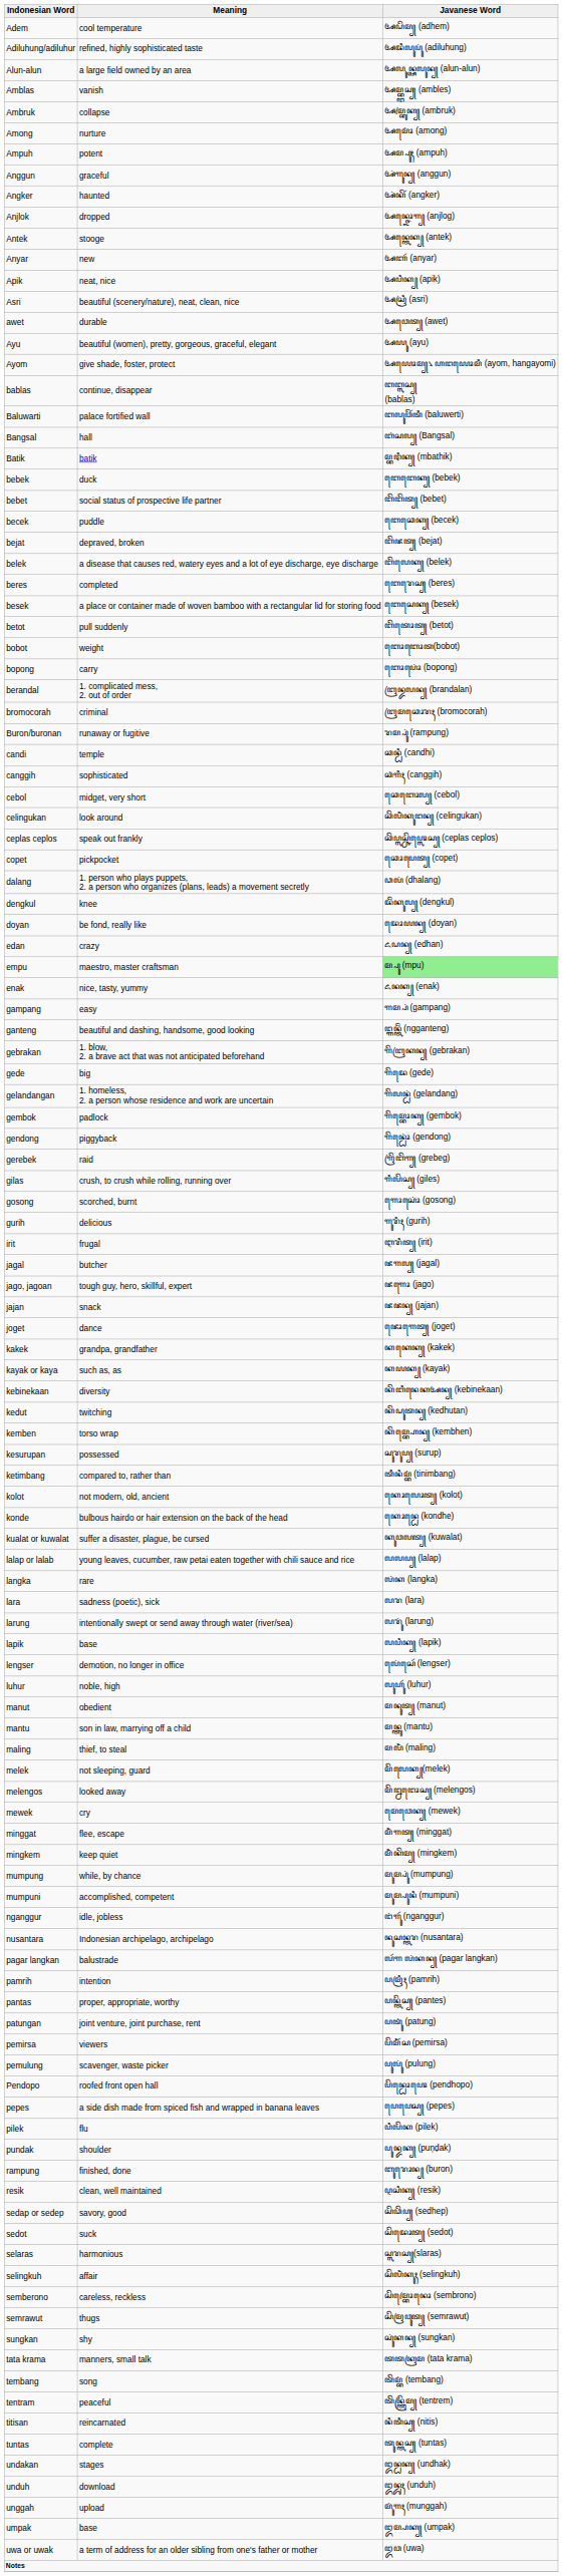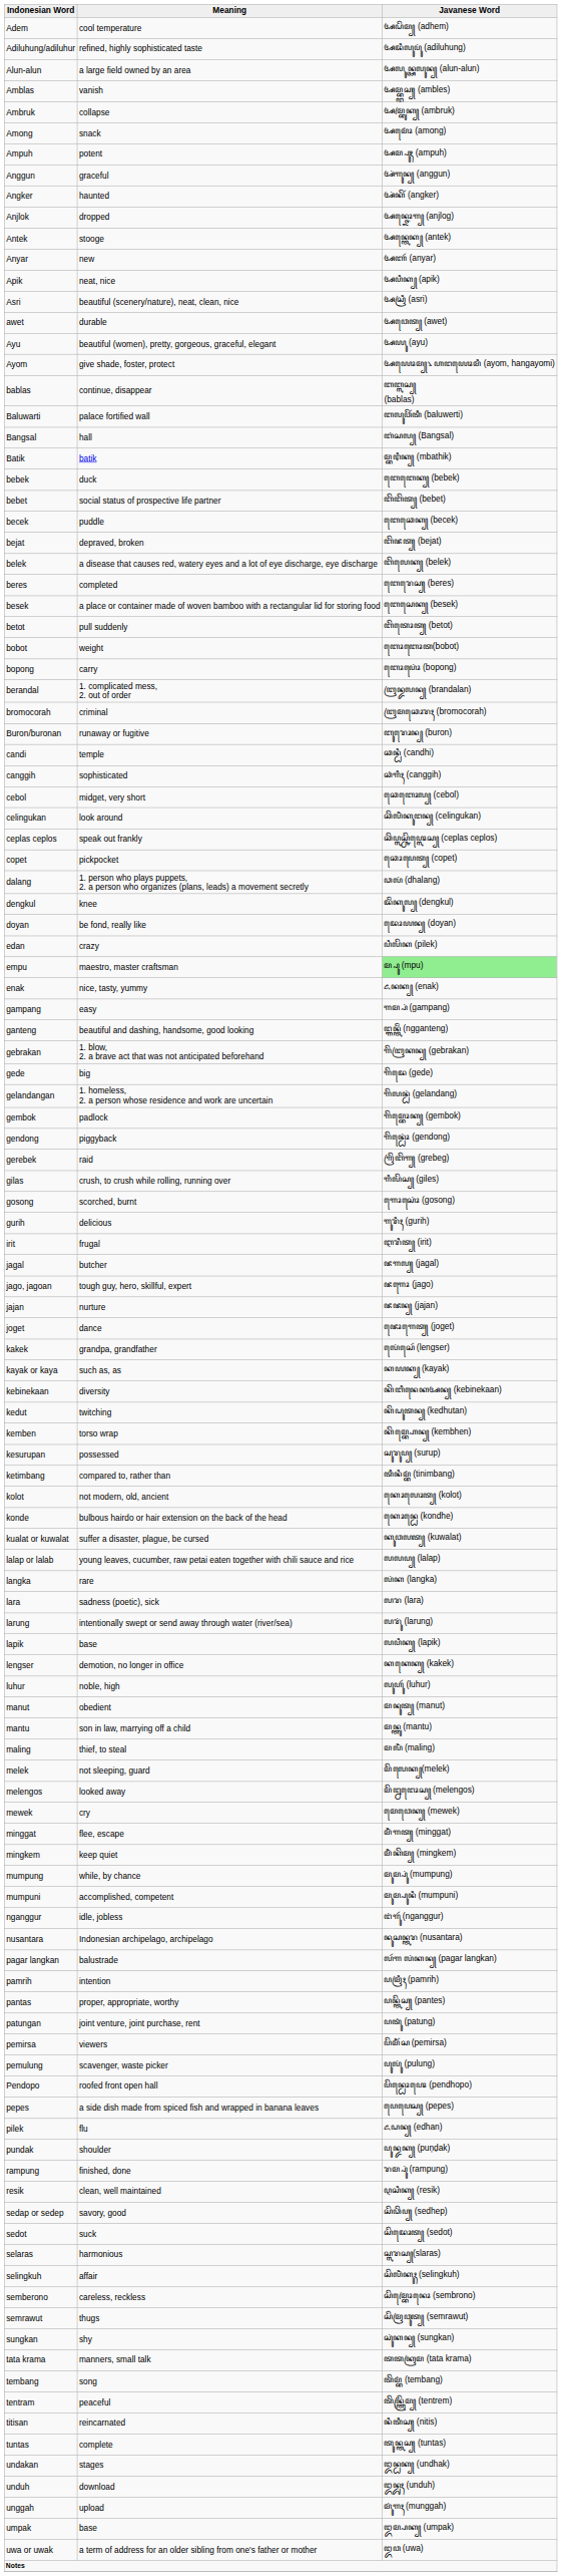 <table class="wikitable">
 <tr>
 <th style="background:#efefef;">Indonesian Word</th>
 <th style="background:#efefef;">Meaning</th>
 <th style="background:#efefef;">Javanese Word</th>
 </tr>
 <tr>
 <td>Adem</td>
 <td>cool temperature</td>
 <td>ꦄꦝꦼꦩ꧀ (adhem)</td>
 </tr>
 <tr>
 <td>Adiluhung/adiluhur</td>
 <td>refined, highly sophisticated taste</td>
 <td>ꦄꦢꦶꦭꦸꦥꦸꦁ (adiluhung)</td>
 </tr>
 <tr>
 <td>Alun-alun</td>
 <td>a large field owned by an area</td>
 <td>ꦄꦭꦸꦤ꧀ꦄꦭꦸꦤ꧀ (alun-alun)</td>
 </tr>
 <tr>
 <td>Amblas</td>
 <td>vanish</td>
 <td>ꦄꦩ꧀ꦧ꧀ꦔꦱ꧀ (ambles)</td>
 </tr>
 <tr>
 <td>Ambruk</td>
 <td>collapse</td>
 <td>ꦄꦩ꧀ꦧꦿꦸꦏ꧀ (ambruk)</td>
 </tr>
 <tr>
 <td>Among</td>
-<td>nurture</td>
+<td>snack</td>
 <td>ꦄꦩꦺꦴꦁ (among)</td>
 </tr>
 <tr>
 <td>Ampuh</td>
 <td>potent</td>
 <td>ꦄꦩ꧀ꦥꦸꦃ (ampuh)</td>
 </tr>
 <tr>
 <td>Anggun</td>
 <td>graceful</td>
 <td>ꦄꦁꦒꦸꦤ꧀ (anggun)</td>
 </tr>
 <tr>
 <td>Angker</td>
 <td>haunted</td>
 <td>ꦄꦁꦏꦼꦂ (angker)</td>
 </tr>
 <tr>
 <td>Anjlok</td>
 <td>dropped</td>
 <td>ꦄꦤ꧀ꦗ꧀ꦭꦺꦴꦒ꧀ (anjlog)</td>
 </tr>
 <tr>
 <td>Antek</td>
 <td>stooge</td>
 <td>ꦄꦤ꧀ꦠꦺꦏ꧀ (antek)</td>
 </tr>
 <tr>
 <td>Anyar</td>
 <td>new</td>
 <td>ꦄꦚꦂ (anyar)</td>
 </tr>
 <tr>
 <td>Apik</td>
 <td>neat, nice</td>
 <td>ꦄꦥꦶꦏ꧀ (apik)</td>
 </tr>
 <tr>
 <td>Asri</td>
 <td>beautiful (scenery/nature), neat, clean, nice</td>
 <td>ꦄꦱꦿꦶ (asri)</td>
 </tr>
 <tr>
 <td>awet</td>
 <td>durable</td>
 <td>ꦄꦮꦺꦠ꧀ (awet)</td>
 </tr>
 <tr>
 <td>Ayu</td>
 <td>beautiful (women), pretty, gorgeous, graceful, elegant</td>
 <td>ꦄꦪꦸ (ayu)</td>
 </tr>
 <tr>
 <td>Ayom</td>
 <td>give shade, foster, protect</td>
 <td>ꦄꦪꦺꦴꦩ꧀꧈ ꦲꦔꦪꦺꦴꦩꦶ (ayom, hangayomi)</td>
 </tr>
 <tr>
 <td>bablas</td>
 <td>continue, disappear</td>
 <td>ꦧꦧ꧀ꦭꦱ꧀<br>(bablas)</td>
 </tr>
 <tr>
 <td>Baluwarti</td>
 <td>palace fortified wall</td>
 <td>ꦧꦭꦸꦮꦼꦂꦠꦶ (baluwerti) </td>
 </tr>
 <tr>
 <td>Bangsal</td>
 <td>hall</td>
 <td>ꦧꦁꦱꦭ꧀ (Bangsal) </td>
 </tr>
 <tr>
 <td>Batik</td>
 <td><a href='#'>batik</a></td>
 <td>ꦩ꧀ꦧꦛꦶꦏ꧀ (mbathik) </td>
 </tr>
 <tr>
 <td>bebek</td>
 <td>duck</td>
 <td>ꦧꦺꦧꦺꦏ꧀ (bebek)</td>
 </tr>
 <tr>
 <td>bebet</td>
 <td>social status of prospective life partner</td>
 <td>ꦧꦼꦧꦼꦠ꧀ (bebet)</td>
 </tr>
 <tr>
 <td>becek</td>
 <td>puddle</td>
 <td>ꦧꦺꦕꦺꦏ꧀ (becek)</td>
 </tr>
 <tr>
 <td>bejat</td>
 <td>depraved, broken</td>
 <td>ꦧꦼꦗꦠ꧀ (bejat)</td>
 </tr>
 <tr>
 <td>belek</td>
 <td>a disease that causes red, watery eyes and a lot of eye discharge, eye discharge</td>
 <td>ꦧꦼꦭꦺꦏ꧀ (belek)</td>
 </tr>
 <tr>
 <td>beres</td>
 <td>completed</td>
 <td>ꦧꦺꦫꦺꦱ꧀ (beres)</td>
 </tr>
 <tr>
 <td>besek</td>
 <td>a place or container made of woven bamboo with a rectangular lid for storing food</td>
 <td>ꦧꦺꦱꦺꦏ꧀ (besek)</td>
 </tr>
 <tr>
 <td>betot</td>
 <td>pull suddenly</td>
 <td>ꦧꦼꦠꦺꦴꦠ꧀ (betot)</td>
 </tr>
 <tr>
 <td>bobot</td>
 <td>weight</td>
 <td>ꦧꦺꦴꦧꦺꦴꦠ(bobot)</td>
 </tr>
 <tr>
 <td>bopong</td>
 <td>carry</td>
 <td>ꦧꦺꦴꦥꦺꦴꦁ (bopong)</td>
 </tr>
 <tr>
 <td>berandal</td>
 <td>1. complicated mess, <br>2. out of order</td>
 <td>ꦧꦿꦤ꧀ꦢꦭꦤ꧀ (brandalan)</td>
 </tr>
 <tr>
 <td>bromocorah</td>
 <td>criminal</td>
 <td>ꦧꦿꦩꦕꦺꦴꦫꦃ (bromocorah)</td>
 </tr>
 <tr>
 <td>Buron/buronan</td>
 <td>runaway or fugitive</td>
-<td>ꦫꦩ꧀ꦥꦸꦁ (rampung)</td>
+<td>ꦧꦸꦫꦺꦴꦤ꧀ (buron) </td>
 </tr>
 <tr>
 <td>candi</td>
 <td>temple</td>
 <td>ꦕꦤ꧀ꦝꦶ (candhi)</td>
 </tr>
 <tr>
 <td>canggih</td>
 <td>sophisticated</td>
 <td>ꦕꦁꦒꦶꦃ (canggih)</td>
 </tr>
 <tr>
 <td>cebol</td>
 <td>midget, very short</td>
 <td>ꦕꦺꦧꦺꦴꦭ꧀ (cebol)</td>
 </tr>
 <tr>
 <td>celingukan</td>
 <td>look around</td>
 <td>ꦕꦼꦭꦶꦁꦏꦸꦔꦤ꧀ (celingukan)</td>
 </tr>
 <tr>
 <td>ceplas ceplos</td>
 <td>speak out frankly</td>
 <td>ꦕꦼꦥ꧀ꦭꦱ꧀ꦕꦼꦥ꧀ꦭꦺꦴꦱ꧀ (ceplas ceplos)</td>
 </tr>
 <tr>
 <td>copet</td>
 <td>pickpocket</td>
 <td>ꦕꦺꦴꦥꦺꦠ꧀ (copet)</td>
 </tr>
 <tr>
 <td>dalang</td>
 <td>1. person who plays puppets, <br>2. a person who organizes (plans, leads) a movement secretly</td>
 <td>ꦣꦭꦁ (dhalang)</td>
 </tr>
 <tr>
 <td>dengkul</td>
 <td>knee</td>
 <td>ꦢꦼꦁꦏꦸꦭ꧀ (dengkul)</td>
 </tr>
 <tr>
 <td>doyan</td>
 <td>be fond, really like</td>
 <td>ꦢꦺꦴꦪꦤ꧀ (doyan)</td>
 </tr>
 <tr>
 <td>edan</td>
 <td>crazy</td>
-<td>ꦌꦝꦤ꧀ (edhan)</td>
+<td>ꦥꦶꦭꦼꦏ (pilek)</td>
 </tr>
 <tr>
 <td>empu</td>
 <td>maestro, master craftsman</td>
 <td style="background: lightgreen;">ꦩ꧀ꦥꦸ (mpu)</td>
 </tr>
 <tr>
 <td>enak</td>
 <td>nice, tasty, yummy</td>
 <td>ꦌꦤꦏ꧀ (enak)</td>
 </tr>
 <tr>
 <td>gampang</td>
 <td>easy</td>
 <td>ꦒꦩ꧀ꦥꦁ (gampang)</td>
 </tr>
 <tr>
 <td>ganteng</td>
 <td>beautiful and dashing, handsome, good looking</td>
 <td>ꦔ꧀ꦒꦤ꧀ꦠꦼꦁ (ngganteng)</td>
 </tr>
 <tr>
 <td>gebrakan</td>
 <td>1. blow, <br>2. a brave act that was not anticipated beforehand</td>
 <td>ꦒꦼꦧꦿꦏꦤ꧀ (gebrakan)</td>
 </tr>
 <tr>
 <td>gede</td>
 <td>big</td>
 <td>ꦒꦼꦢꦺ (gede)</td>
 </tr>
 <tr>
 <td>gelandangan</td>
 <td>1. homeless, <br>2. a person whose residence and work are uncertain</td>
 <td>ꦒꦼꦭꦤ꧀ꦝꦁ (gelandang)</td>
 </tr>
 <tr>
 <td>gembok</td>
 <td>padlock</td>
 <td>ꦒꦼꦩ꧀ꦧꦺꦴꦏ꧀ (gembok)</td>
 </tr>
 <tr>
 <td>gendong</td>
 <td>piggyback</td>
 <td>ꦒꦼꦤ꧀ꦝꦺꦴꦁ (gendong)</td>
 </tr>
 <tr>
 <td>gerebek</td>
 <td>raid</td>
 <td>ꦒꦿꦼꦧꦼꦒ꧀ (grebeg) </td>
 </tr>
 <tr>
 <td>gilas</td>
 <td>crush, to crush while rolling, running over</td>
 <td>ꦒꦶꦭꦼꦱ꧀ (giles)</td>
 </tr>
 <tr>
 <td>gosong</td>
 <td>scorched, burnt</td>
 <td>ꦒꦺꦴꦱꦺꦴꦁ (gosong)</td>
 </tr>
 <tr>
 <td>gurih</td>
 <td>delicious</td>
 <td>ꦒꦸꦫꦶꦃ (gurih)</td>
 </tr>
 <tr>
 <td>irit</td>
 <td>frugal</td>
 <td>ꦆꦫꦶꦠ꧀ (irit)</td>
 </tr>
 <tr>
 <td>jagal</td>
 <td>butcher</td>
 <td>ꦗꦒꦭ꧀ (jagal)</td>
 </tr>
 <tr>
 <td>jago, jagoan</td>
 <td>tough guy, hero, skillful, expert</td>
 <td>ꦗꦒꦺꦴ (jago) </td>
 </tr>
 <tr>
 <td>jajan</td>
-<td>snack</td>
+<td>nurture</td>
 <td>ꦗꦗꦤ꧀ (jajan)</td>
 </tr>
 <tr>
 <td>joget</td>
 <td>dance</td>
 <td>ꦗꦺꦴꦒꦺꦠ꧀ (joget)</td>
 </tr>
 <tr>
 <td>kakek</td>
 <td>grandpa, grandfather</td>
-<td>ꦏꦏꦺꦏ꧀ (kakek)</td>
+<td>ꦭꦺꦁꦱꦺꦂ (lengser)</td>
 </tr>
 <tr>
 <td>kayak or kaya</td>
 <td>such as, as</td>
 <td>ꦏꦪꦏ꧀ (kayak)</td>
 </tr>
 <tr>
 <td>kebinekaan</td>
 <td>diversity</td>
 <td>ꦏꦼꦧꦶꦤꦺꦏꦄꦤ꧀ (kebinekaan)</td>
 </tr>
 <tr>
 <td>kedut</td>
 <td>twitching</td>
 <td>ꦏꦼꦝꦸꦠꦤ꧀ (kedhutan)</td>
 </tr>
 <tr>
 <td>kemben</td>
 <td>torso wrap</td>
 <td>ꦏꦼꦩ꧀ꦧ꧀ꦲꦺꦤ꧀ (kembhen)</td>
 </tr>
 <tr>
 <td>kesurupan</td>
 <td>possessed</td>
 <td>ꦱꦸꦫꦸꦥ꧀ (surup) </td>
 </tr>
 <tr>
 <td>ketimbang</td>
 <td>compared to, rather than</td>
 <td>ꦠꦶꦤꦶꦩ꧀ꦧꦁ (tinimbang)</td>
 </tr>
 <tr>
 <td>kolot</td>
 <td>not modern, old, ancient</td>
 <td>ꦏꦺꦴꦭꦺꦴꦠ꧀ (kolot)</td>
 </tr>
 <tr>
 <td>konde</td>
 <td>bulbous hairdo or hair extension on the back of the head</td>
 <td>ꦏꦺꦴꦤ꧀ꦝꦺ (kondhe)</td>
 </tr>
 <tr>
 <td>kualat or kuwalat</td>
 <td>suffer a disaster, plague, be cursed</td>
 <td>ꦏꦸꦮꦭꦠ꧀ (kuwalat)</td>
 </tr>
 <tr>
 <td>lalap or lalab</td>
 <td>young leaves, cucumber, raw petai eaten together with chili sauce and rice</td>
 <td>ꦭꦭꦥ꧀ (lalap)</td>
 </tr>
 <tr>
 <td>langka</td>
 <td>rare</td>
 <td>ꦭꦁꦏ (langka)</td>
 </tr>
 <tr>
 <td>lara</td>
 <td>sadness (poetic), sick</td>
 <td>ꦭꦫ (lara) </td>
 </tr>
 <tr>
 <td>larung</td>
 <td>intentionally swept or send away through water (river/sea)</td>
 <td>ꦭꦫꦸꦁ (larung)</td>
 </tr>
 <tr>
 <td>lapik</td>
 <td>base</td>
 <td>ꦭꦥꦶꦏ꧀ (lapik)</td>
 </tr>
 <tr>
 <td>lengser</td>
 <td>demotion, no longer in office</td>
-<td>ꦭꦺꦁꦱꦺꦂ (lengser)</td>
+<td>ꦏꦏꦺꦏ꧀ (kakek)</td>
 </tr>
 <tr>
 <td>luhur</td>
 <td>noble, high</td>
 <td>ꦭꦸꦲꦸꦂ (luhur)</td>
 </tr>
 <tr>
 <td>manut</td>
 <td>obedient</td>
 <td>ꦩꦤꦸꦠ꧀ (manut)</td>
 </tr>
 <tr>
 <td>mantu</td>
 <td>son in law, marrying off a child</td>
 <td>ꦩꦤ꧀ꦠꦸ (mantu)</td>
 </tr>
 <tr>
 <td>maling</td>
 <td>thief, to steal</td>
 <td>ꦩꦭꦶꦁ (maling)</td>
 </tr>
 <tr>
 <td>melek</td>
 <td>not sleeping, guard</td>
 <td>ꦩꦼꦭꦺꦏ꧀(melek)</td>
 </tr>
 <tr>
 <td>melengos</td>
 <td>looked away</td>
 <td>ꦩꦼꦊꦔꦺꦴꦱ꧀ (melengos)</td>
 </tr>
 <tr>
 <td>mewek</td>
 <td>cry</td>
 <td>ꦩꦺꦮꦺꦏ꧀ (mewek)</td>
 </tr>
 <tr>
 <td>minggat</td>
 <td>flee, escape</td>
 <td>ꦩꦶꦁꦒꦠ꧀ (minggat)</td>
 </tr>
 <tr>
 <td>mingkem</td>
 <td>keep quiet</td>
 <td>ꦩꦶꦁꦏꦼꦩ꧀ (mingkem)</td>
 </tr>
 <tr>
 <td>mumpung</td>
 <td>while, by chance</td>
 <td>ꦩꦸꦩ꧀ꦥꦸꦁ (mumpung)</td>
 </tr>
 <tr>
 <td>mumpuni</td>
 <td>accomplished, competent</td>
 <td>ꦩꦸꦩ꧀ꦥꦸꦤꦶ (mumpuni)</td>
 </tr>
 <tr>
 <td>nganggur</td>
 <td>idle, jobless</td>
 <td>ꦔꦁꦒꦸꦂ (nganggur)</td>
 </tr>
 <tr>
 <td>nusantara</td>
 <td>Indonesian archipelago, archipelago</td>
 <td>ꦤꦸꦱꦤ꧀ꦠꦫ (nusantara)</td>
 </tr>
 <tr>
 <td>pagar langkan</td>
 <td>balustrade</td>
 <td>ꦭꦂꦒ ꦭꦁꦏꦤ꧀ (pagar langkan)</td>
 </tr>
 <tr>
 <td>pamrih</td>
 <td>intention</td>
 <td>ꦥꦩꦿꦶꦃ (pamrih)</td>
 </tr>
 <tr>
 <td>pantas</td>
 <td>proper, appropriate, worthy</td>
 <td>ꦥꦤ꧀ꦠꦼꦱ꧀ (pantes)</td>
 </tr>
 <tr>
 <td>patungan</td>
 <td>joint venture, joint purchase, rent</td>
 <td>ꦥꦠꦸꦁ (patung)</td>
 </tr>
 <tr>
 <td>pemirsa</td>
 <td>viewers</td>
 <td>ꦥꦼꦩꦶꦂꦱ (pemirsa)</td>
 </tr>
 <tr>
 <td>pemulung</td>
 <td>scavenger, waste picker</td>
 <td>ꦥꦸꦭꦸꦁ (pulung)</td>
 </tr>
 <tr>
 <td>Pendopo</td>
 <td>roofed front open hall</td>
 <td>ꦥꦼꦤ꧀ꦝꦺꦴꦥꦺꦴ (pendhopo) </td>
 </tr>
 <tr>
 <td>pepes</td>
 <td>a side dish made from spiced fish and wrapped in banana leaves</td>
 <td>ꦥꦺꦥꦺꦱ꧀ (pepes)</td>
 </tr>
 <tr>
 <td>pilek</td>
 <td>flu</td>
-<td>ꦥꦶꦭꦼꦏ (pilek)</td>
+<td>ꦌꦝꦤ꧀ (edhan)</td>
 </tr>
 <tr>
 <td>pundak</td>
 <td>shoulder</td>
 <td>ꦥꦸꦤ꧀ꦢꦏ꧀ (puņḍak)</td>
 </tr>
 <tr>
 <td>rampung</td>
 <td>finished, done</td>
-<td>ꦧꦸꦫꦺꦴꦤ꧀ (buron) </td>
+<td>ꦫꦩ꧀ꦥꦸꦁ (rampung)</td>
 </tr>
 <tr>
 <td>resik</td>
 <td>clean, well maintained</td>
 <td>ꦉꦱꦶꦏ꧀ (resik)</td>
 </tr>
 <tr>
 <td>sedap or sedep</td>
 <td>savory, good</td>
 <td>ꦱꦼꦣꦼꦥ꧀ (sedhep)</td>
 </tr>
 <tr>
 <td>sedot</td>
 <td>suck</td>
 <td>ꦱꦼꦢꦺꦴꦠ꧀ (sedot)</td>
 </tr>
 <tr>
 <td>selaras</td>
 <td>harmonious</td>
 <td>ꦱ꧀ꦭꦫꦱ꧀(slaras)</td>
 </tr>
 <tr>
 <td>selingkuh</td>
 <td>affair</td>
 <td>ꦱꦼꦭꦶꦁꦏꦸꦃ (selingkuh)</td>
 </tr>
 <tr>
 <td>semberono</td>
 <td>careless, reckless</td>
 <td>ꦱꦼꦩ꧀ꦧꦿꦺꦴꦤꦺꦴ (sembrono)</td>
 </tr>
 <tr>
 <td>semrawut</td>
 <td>thugs</td>
 <td>ꦱꦼꦩꦿꦮꦸꦠ꧀ (semrawut)</td>
 </tr>
 <tr>
 <td>sungkan</td>
 <td>shy</td>
 <td>ꦱꦸꦁꦏꦤ꧀ (sungkan)</td>
 </tr>
 <tr>
 <td>tata krama</td>
 <td>manners, small talk</td>
 <td>ꦠꦠꦏꦿꦩ (tata krama)</td>
 </tr>
 <tr>
 <td>tembang</td>
 <td>song</td>
 <td>ꦠꦼꦩ꧀ꦧꦁ (tembang)</td>
 </tr>
 <tr>
 <td>tentram</td>
 <td>peaceful</td>
 <td>ꦠꦼꦤ꧀ꦠꦿꦼꦩ꧀ (tentrem)</td>
 </tr>
 <tr>
 <td>titisan</td>
 <td>reincarnated</td>
 <td>ꦤꦶꦠꦶꦱ꧀ (nitis)</td>
 </tr>
 <tr>
 <td>tuntas</td>
 <td>complete</td>
 <td>ꦠꦸꦤ꧀ꦠꦱ꧀ (tuntas)</td>
 </tr>
 <tr>
 <td>undakan</td>
 <td>stages</td>
 <td>ꦈꦤ꧀ꦝꦏ꧀ (undhak)</td>
 </tr>
 <tr>
 <td>unduh</td>
 <td>download</td>
 <td>ꦈꦤ꧀ꦢꦸꦃ (unduh)</td>
 </tr>
 <tr>
 <td>unggah</td>
 <td>upload</td>
 <td>ꦩꦸꦁꦒꦃ (munggah)</td>
 </tr>
 <tr>
 <td>umpak</td>
 <td>base</td>
 <td>ꦈꦩ꧀ꦥꦏ꧀ (umpak)</td>
 </tr>
 <tr>
 <td>uwa or uwak</td>
 <td>a term of address for an older sibling from one's father or mother</td>
 <td>ꦈꦮ (uwa)</td>
 </tr>
 <tr>
 <td colspan="23" style="background:#F8F8F8;font-size:small;text-align:left"><strong>Notes</strong><br></td>
 </tr>
 <tr>
 </tr>
 </table>
